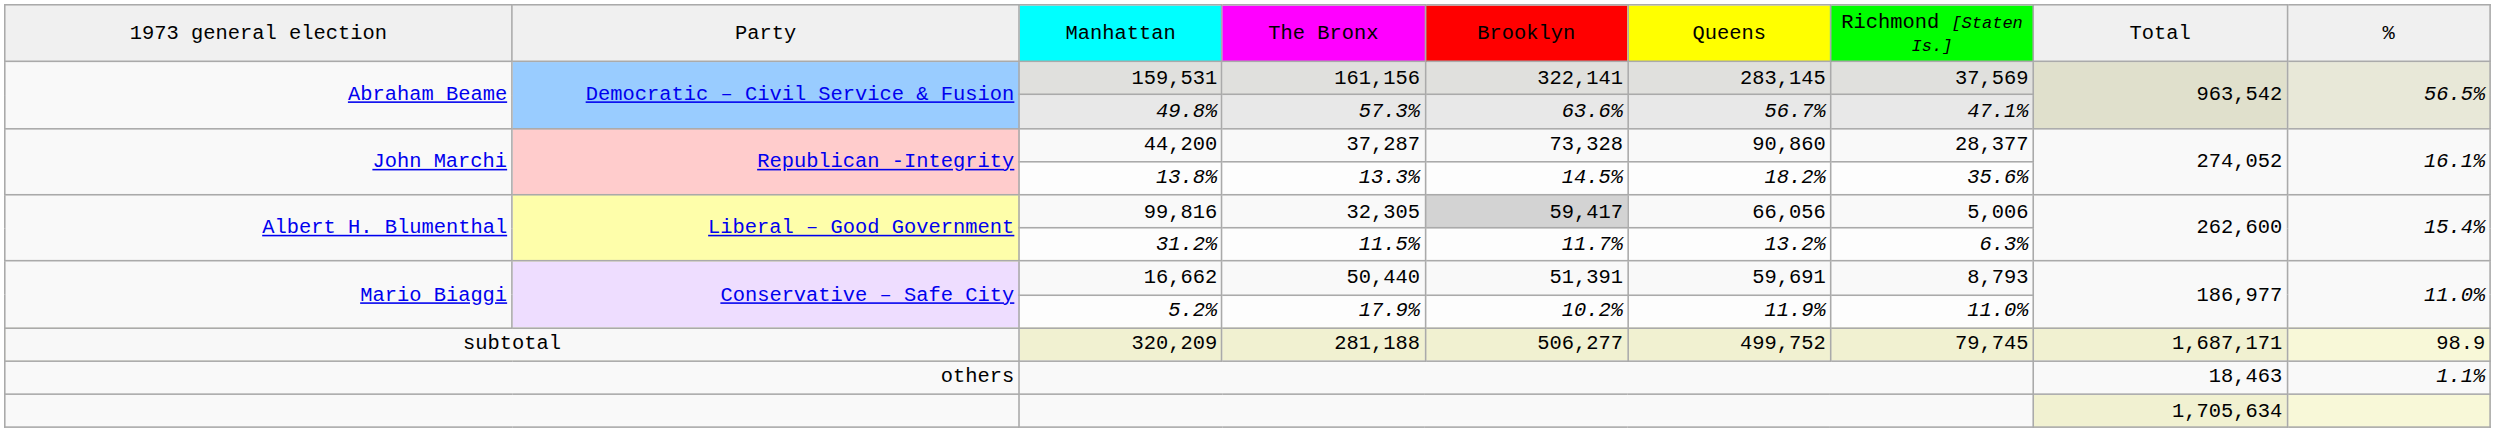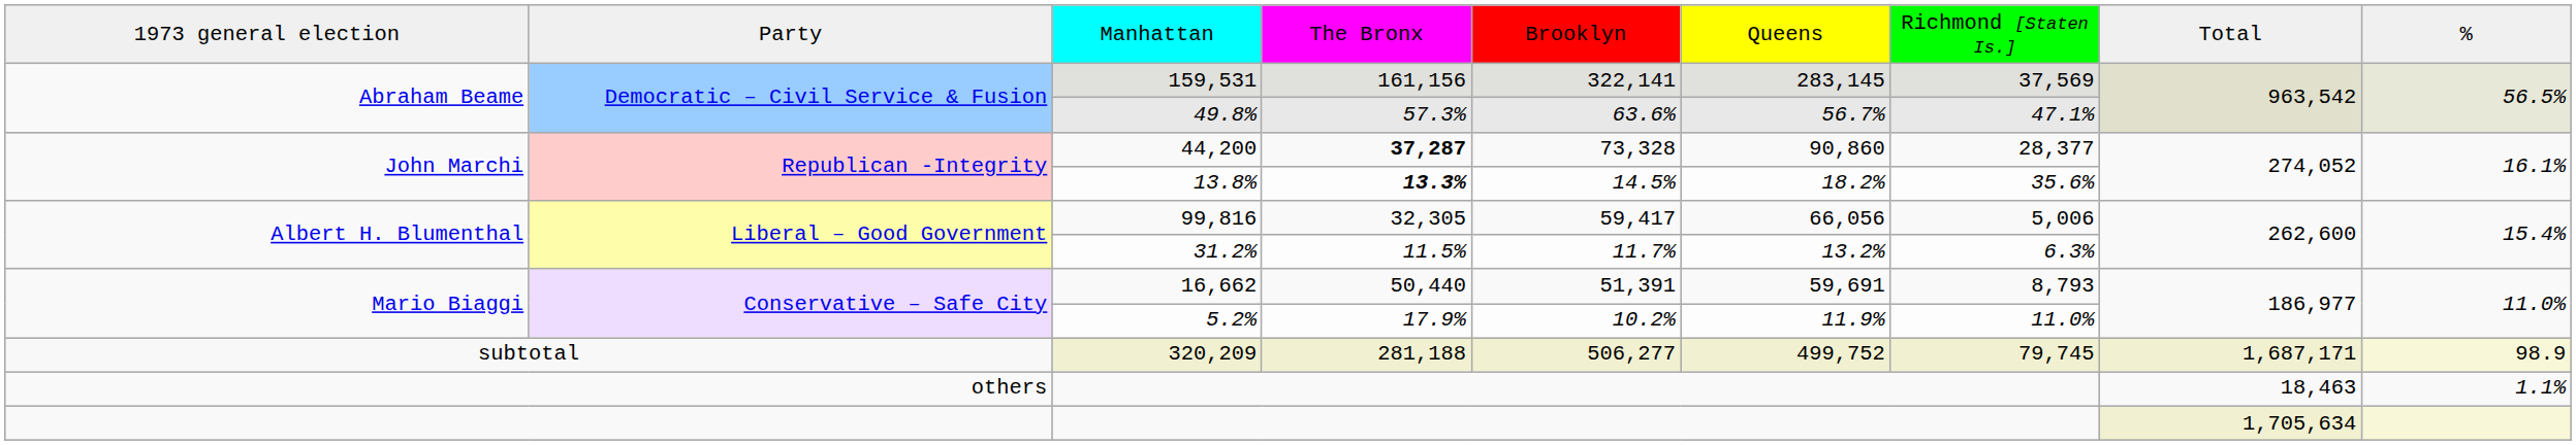 <table class="wikitable" style="width:100%; text-align:right;">
 <tr style="text-align:center;">
 <td style="width:20%; background:#f0f0f0;">1973 general election</td>
 <td style="width:20%; background:#f0f0f0;">Party</td>
 <td style="width:8%; background:aqua;">Manhattan</td>
 <td style="width:8%; background:magenta;">The Bronx</td>
 <td style="width:8%; background:red;">Brooklyn</td>
 <td style="width:8%; background:yellow;">Queens</td>
 <td style="width:8%; background:lime;">Richmond <small><em>[Staten Is.]</em></small></td>
 <td style="width:10%; background:#f0f0f0;">Total</td>
 <td style="width:8%; background:#f0f0f0;">%</td>
 </tr>
 <tr>
 <td rowspan="2"><a href='#'>Abraham Beame</a></td>
 <td style="background:#9cf;" rowspan="2"><a href='#'>Democratic – Civil Service & Fusion</a></td>
 <td style="background:#e0e0dd;">159,531</td>
 <td style="background:#e0e0dd;">161,156</td>
 <td style="background:#e0e0dd;">322,141</td>
 <td style="background:#e0e0dd;">283,145</td>
 <td style="background:#e0e0dd;">37,569</td>
 <td rowspan="2" style="background:#e0e0cc;">963,542</td>
 <td rowspan="2" style="background:#e8e8d8;"><em>56.5%</em></td>
 </tr>
 <tr style="background:#e8e8e8;">
 <td><em>49.8%</em></td>
 <td><em>57.3%</em></td>
 <td><em>63.6%</em></td>
 <td><em>56.7%</em></td>
 <td><em>47.1%</em></td>
 </tr>
 <tr>
 <td rowspan="2"><a href='#'>John Marchi</a></td>
 <td style="background:#fcc;" rowspan="2"><a href='#'>Republican -Integrity</a></td>
 <td>44,200</td>
-<td>37,287</td>
+<td><strong>37,287</strong></td>
 <td>73,328</td>
 <td>90,860</td>
 <td>28,377</td>
 <td rowspan="2">274,052</td>
 <td rowspan="2"><em>16.1%</em></td>
 </tr>
 <tr style="background:#fdfdfd;">
 <td><em>13.8%</em></td>
-<td><em>13.3%</em></td>
+<td><strong><em>13.3%</em></strong></td>
 <td><em>14.5%</em></td>
 <td><em>18.2%</em></td>
 <td><em>35.6%</em></td>
 </tr>
 <tr>
 <td rowspan="2"><a href='#'>Albert H. Blumenthal</a></td>
 <td rowspan="2" style="background:#fefeaa;"><a href='#'>Liberal – Good Government</a></td>
 <td>99,816</td>
 <td>32,305</td>
-<td style="background: lightgrey;">59,417</td>
+<td>59,417</td>
 <td>66,056</td>
 <td>5,006</td>
 <td rowspan="2">262,600</td>
 <td rowspan="2"><em>15.4%</em></td>
 </tr>
 <tr style="background:#fdfdfd;">
 <td><em>31.2%</em></td>
 <td><em>11.5%</em></td>
 <td><em>11.7%</em></td>
 <td><em>13.2%</em></td>
 <td><em>6.3%</em></td>
 </tr>
 <tr>
 <td rowspan="2"><a href='#'>Mario Biaggi</a></td>
 <td rowspan="2" style="background:#edf;"><a href='#'>Conservative – Safe City</a></td>
 <td>16,662</td>
 <td>50,440</td>
 <td>51,391</td>
 <td>59,691</td>
 <td>8,793</td>
 <td rowspan="2">186,977</td>
 <td rowspan="2"><em>11.0%</em></td>
 </tr>
 <tr style="background:#fdfdfd;">
 <td><em>5.2%</em></td>
 <td><em>17.9%</em></td>
 <td><em>10.2%</em></td>
 <td><em>11.9%</em></td>
 <td><em>11.0%</em></td>
 </tr>
 <tr style="background:#f1f1d1;">
 <td style="text-align:center; background:#f8f8f8;" colspan="2">subtotal</td>
 <td>320,209</td>
 <td>281,188</td>
 <td>506,277</td>
 <td>499,752</td>
 <td>79,745</td>
 <td>1,687,171</td>
 <td bgcolor=f8f8d8>98.9</td>
 </tr>
 <tr>
 <td colspan="2">others</td>
 <td colspan="5"></td>
 <td>18,463</td>
 <td><em>1.1%</em></td>
 </tr>
 <tr>
 <td colspan="2"></td>
 <td colspan="5"> </td>
 <td style="background:#f1f1d1;">1,705,634</td>
 <td bgcolor=f8f8d8> </td>
 </tr>
 </table>
